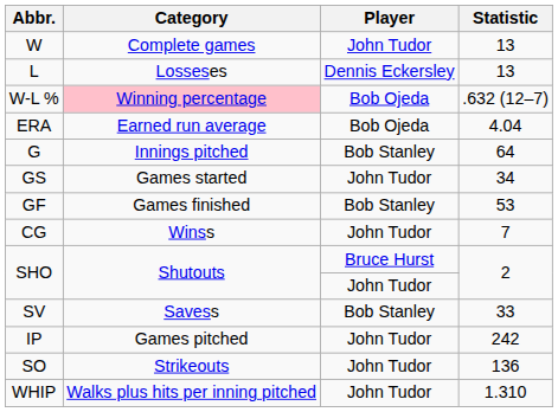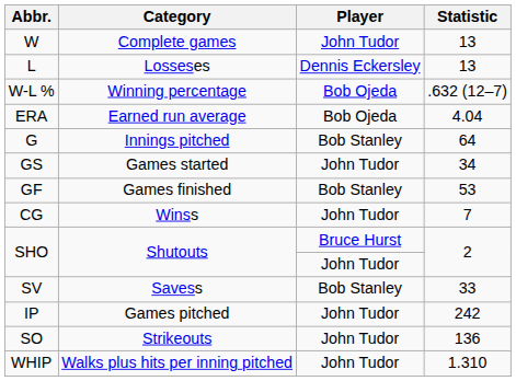 <table class="wikitable sortable" style="text-align:center;">
 <tr>
 <th>Abbr.</th>
 <th>Category</th>
 <th>Player</th>
 <th>Statistic</th>
 </tr>
 <tr>
 <td>W</td>
 <td><a href='#'>Complete games</a></td>
 <td><a href='#'>John Tudor</a></td>
 <td>13</td>
 </tr>
 <tr>
 <td>L</td>
 <td><a href='#'>Losses</a>es</td>
 <td><a href='#'>Dennis Eckersley</a></td>
 <td>13</td>
 </tr>
 <tr>
 <td>W-L %</td>
-<td style="background: pink;"><a href='#'>Winning percentage</a></td>
+<td><a href='#'>Winning percentage</a></td>
 <td><a href='#'>Bob Ojeda</a></td>
 <td>.632 (12–7)</td>
 </tr>
 <tr>
 <td>ERA</td>
 <td><a href='#'>Earned run average</a></td>
 <td>Bob Ojeda</td>
 <td>4.04</td>
 </tr>
 <tr>
 <td>G</td>
 <td><a href='#'>Innings pitched</a></td>
 <td>Bob Stanley</td>
 <td>64</td>
 </tr>
 <tr>
 <td>GS</td>
 <td>Games started</td>
 <td>John Tudor</td>
 <td>34</td>
 </tr>
 <tr>
 <td>GF</td>
 <td>Games finished</td>
 <td>Bob Stanley</td>
 <td>53</td>
 </tr>
 <tr>
 <td>CG</td>
 <td><a href='#'>Wins</a>s</td>
 <td>John Tudor</td>
 <td>7</td>
 </tr>
 <tr>
 <td rowspan=2>SHO</td>
 <td rowspan=2><a href='#'>Shutouts</a></td>
 <td><a href='#'>Bruce Hurst</a></td>
 <td rowspan=2>2</td>
 </tr>
 <tr>
 <td>John Tudor</td>
 </tr>
 <tr>
 <td>SV</td>
 <td><a href='#'>Saves</a>s</td>
 <td>Bob Stanley</td>
 <td>33</td>
 </tr>
 <tr>
 <td>IP</td>
 <td>Games pitched</td>
 <td>John Tudor</td>
 <td>242</td>
 </tr>
 <tr>
 <td>SO</td>
 <td><a href='#'>Strikeouts</a></td>
 <td>John Tudor</td>
 <td>136</td>
 </tr>
 <tr>
 <td>WHIP</td>
 <td><a href='#'>Walks plus hits per inning pitched</a></td>
 <td>John Tudor</td>
 <td>1.310</td>
 </tr>
 </table>
